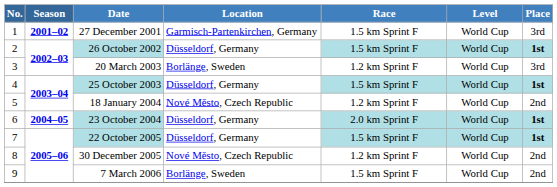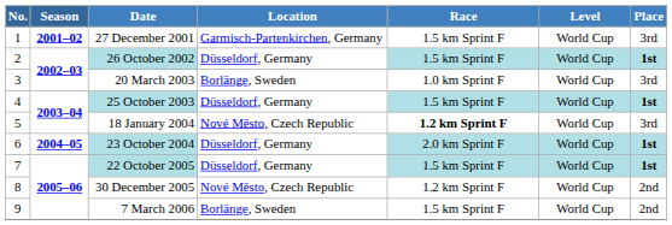 <table class="wikitable sortable" style="font-size:95%; text-align:center; border:grey solid 1px; border-collapse:collapse; background:#ffffff;">
 <tr style="background:#efefef;">
 <th style="background-color:#369; color:white;">No.</th>
 <th style="background-color:#369; color:white;">Season</th>
 <th style="background-color:#4180be; color:white; width:120px;">Date</th>
 <th style="background-color:#4180be; color:white; width:215px;">Location</th>
 <th style="background-color:#4180be; color:white; width:170px;">Race</th>
 <th style="background-color:#4180be; color:white; width:100px;">Level</th>
 <th style="background-color:#4180be; color:white;">Place</th>
 </tr>
 <tr>
 <td align=center>1</td>
 <td rowspan=1 align=center><strong> <a href='#'>2001–02</a> </strong></td>
 <td align=right>27 December 2001</td>
 <td align=left> <a href='#'>Garmisch-Partenkirchen</a>, Germany</td>
 <td>1.5 km Sprint F</td>
 <td>World Cup</td>
 <td>3rd</td>
 </tr>
 <tr>
 <td align=center>2</td>
 <td rowspan=2 align=center><strong><a href='#'>2002–03</a></strong></td>
 <td bgcolor="#BOEOE6" align=right>26 October 2002</td>
 <td align=left> <a href='#'>Düsseldorf</a>, Germany</td>
 <td bgcolor="#BOEOE6">1.5 km Sprint F</td>
 <td bgcolor="#BOEOE6">World Cup</td>
 <td bgcolor="#BOEOE6"><strong>1st</strong></td>
 </tr>
 <tr>
 <td align=center>3</td>
 <td align=right>20 March 2003</td>
 <td align=left> <a href='#'>Borlänge</a>, Sweden</td>
-<td>1.2 km Sprint F</td>
+<td>1.0 km Sprint F</td>
 <td>World Cup</td>
 <td>3rd</td>
 </tr>
 <tr>
 <td align=center>4</td>
 <td rowspan=2 align=center><strong><a href='#'>2003–04</a></strong></td>
 <td bgcolor="#BOEOE6" align=right>25 October 2003</td>
 <td align=left> <a href='#'>Düsseldorf</a>, Germany</td>
 <td bgcolor="#BOEOE6">1.5 km Sprint F</td>
 <td bgcolor="#BOEOE6">World Cup</td>
 <td bgcolor="#BOEOE6"><strong>1st</strong></td>
 </tr>
 <tr>
 <td align=center>5</td>
 <td align=right>18 January 2004</td>
 <td align=left> <a href='#'>Nové Město</a>, Czech Republic</td>
-<td>1.2 km Sprint F</td>
+<td><strong>1.2 km Sprint F</strong></td>
 <td>World Cup</td>
-<td>2nd</td>
+<td>3rd</td>
 </tr>
 <tr>
 <td align=center>6</td>
 <td rowspan=1 align=center><strong><a href='#'>2004–05</a></strong></td>
 <td bgcolor="#BOEOE6" align=right>23 October 2004</td>
 <td align=left> <a href='#'>Düsseldorf</a>, Germany</td>
 <td bgcolor="#BOEOE6">2.0 km Sprint F</td>
 <td bgcolor="#BOEOE6">World Cup</td>
 <td bgcolor="#BOEOE6"><strong>1st</strong></td>
 </tr>
 <tr>
 <td align=center>7</td>
 <td rowspan=3 align=center><strong><a href='#'>2005–06</a></strong></td>
 <td bgcolor="#BOEOE6" align=right>22 October 2005</td>
 <td align=left> <a href='#'>Düsseldorf</a>, Germany</td>
 <td bgcolor="#BOEOE6">1.5 km Sprint F</td>
 <td bgcolor="#BOEOE6">World Cup</td>
 <td bgcolor="#BOEOE6"><strong>1st</strong></td>
 </tr>
 <tr>
 <td align=center>8</td>
 <td align=right>30 December 2005</td>
 <td align=left> <a href='#'>Nové Město</a>, Czech Republic</td>
 <td>1.2 km Sprint F</td>
 <td>World Cup</td>
 <td>2nd</td>
 </tr>
 <tr>
 <td align=center>9</td>
 <td align=right>7 March 2006</td>
 <td align=left> <a href='#'>Borlänge</a>, Sweden</td>
 <td>1.5 km Sprint F</td>
 <td>World Cup</td>
 <td>2nd</td>
 </tr>
 <tr>
 </tr>
 </table>
